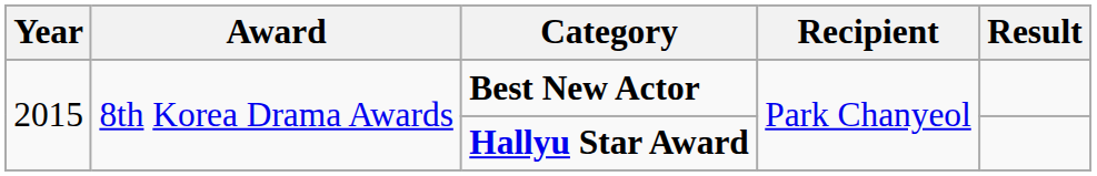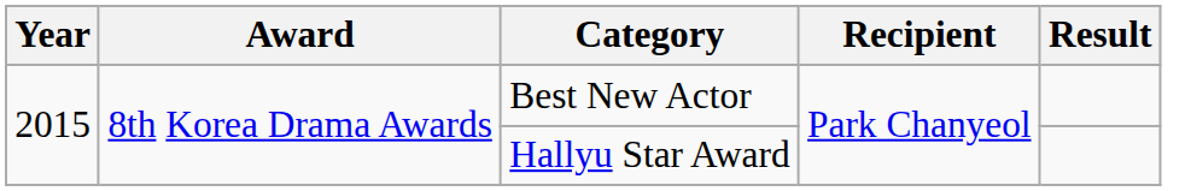 <table class="wikitable">
 <tr>
 <th>Year</th>
 <th>Award</th>
 <th>Category</th>
 <th>Recipient</th>
 <th>Result</th>
 </tr>
 <tr>
 <td rowspan="2">2015</td>
 <td rowspan="2"><a href='#'>8th</a> <a href='#'>Korea Drama Awards</a></td>
-<td><strong>Best New Actor</strong></td>
+<td>Best New Actor</td>
 <td rowspan="2"><a href='#'>Park Chanyeol</a></td>
 <td></td>
 </tr>
 <tr>
-<td><strong><a href='#'>Hallyu</a> Star Award</strong></td>
+<td><a href='#'>Hallyu</a> Star Award</td>
 <td></td>
 </tr>
 </table>
